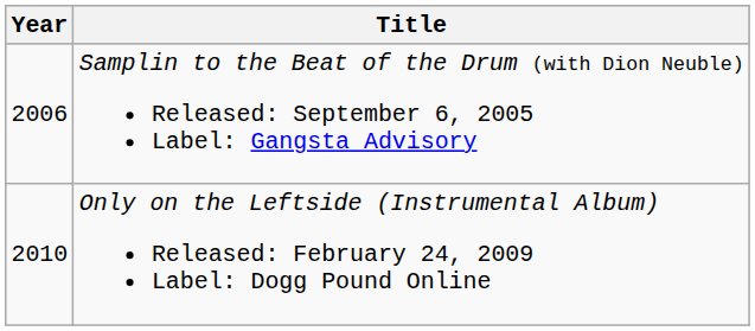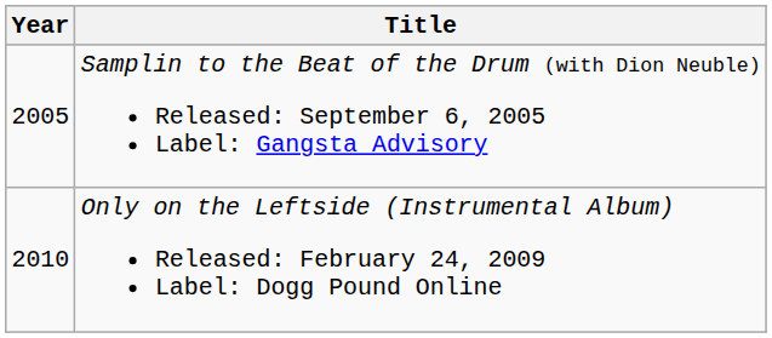 <table class="wikitable">
 <tr>
 <th rowspan="1">Year</th>
 <th rowspan="1">Title</th>
 </tr>
 <tr>
-<td>2006</td>
+<td>2005</td>
 <td><em>Samplin to the Beat of the Drum</em> <small>(with Dion Neuble)</small><br><ul><li>Released: September 6, 2005</li><li>Label: <a href='#'>Gangsta Advisory</a></li></ul></td>
 </tr>
 <tr>
 <td>2010</td>
 <td><em>Only on the Leftside (Instrumental Album)</em><br><ul><li>Released: February 24, 2009</li><li>Label: Dogg Pound Online</li></ul></td>
 </tr>
 </table>
